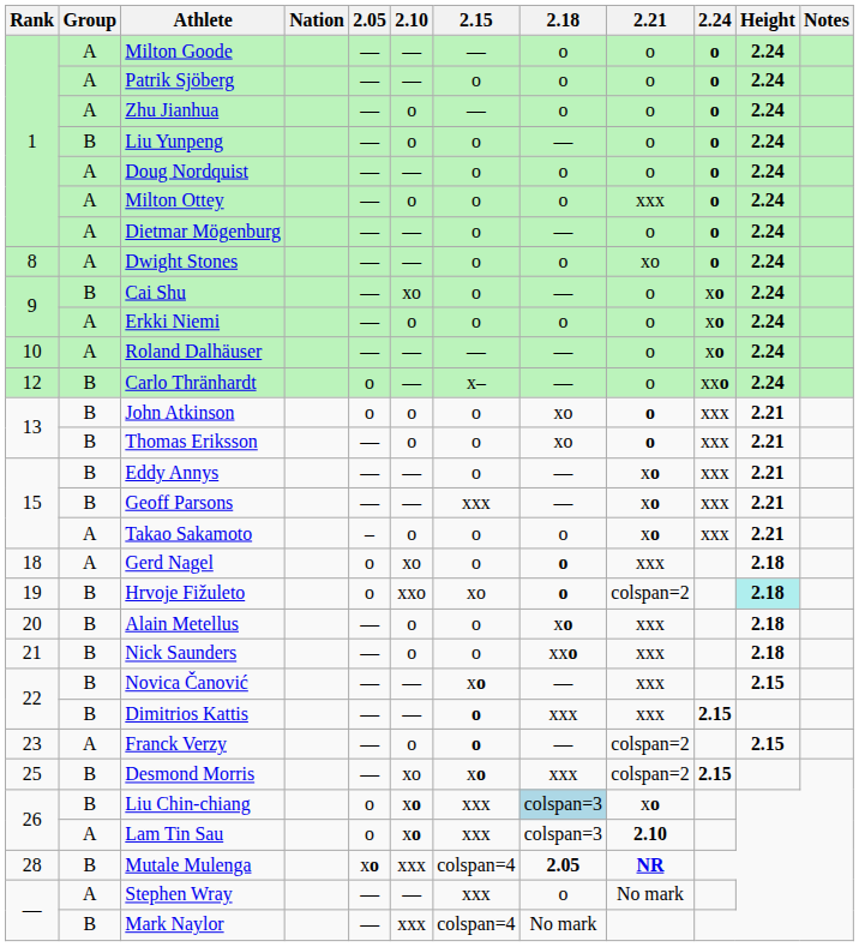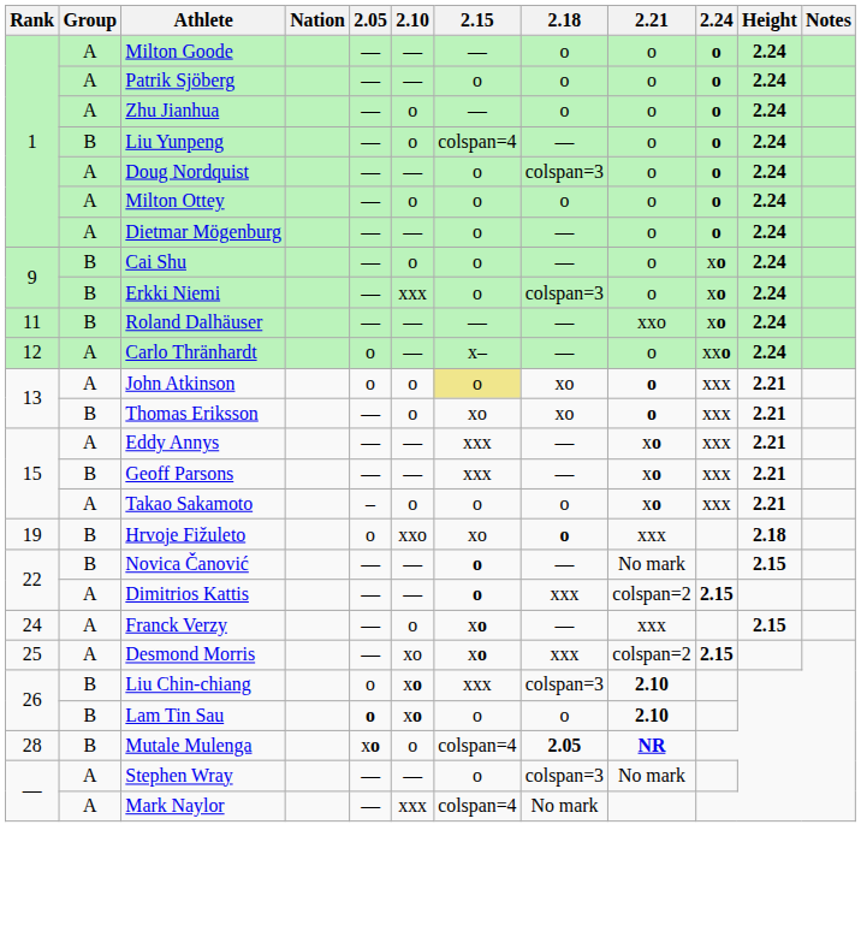 <table class="wikitable sortable" style="text-align:center">
 <tr>
 <th>Rank</th>
 <th>Group</th>
 <th>Athlete</th>
 <th>Nation</th>
 <th>2.05</th>
 <th>2.10</th>
 <th>2.15</th>
 <th>2.18</th>
 <th>2.21</th>
 <th>2.24</th>
 <th>Height</th>
 <th>Notes</th>
 </tr>
 <tr bgcolor=bbf3bb>
 <td rowspan=7>1</td>
 <td>A</td>
 <td align=left><a href='#'>Milton Goode</a></td>
 <td align=left></td>
 <td>—</td>
 <td>—</td>
 <td>—</td>
 <td>o</td>
 <td>o</td>
 <td><strong>o</strong></td>
 <td><strong>2.24</strong></td>
 <td></td>
 </tr>
 <tr bgcolor=bbf3bb>
 <td>A</td>
 <td align=left><a href='#'>Patrik Sjöberg</a></td>
 <td align=left></td>
 <td>—</td>
 <td>—</td>
 <td>o</td>
 <td>o</td>
 <td>o</td>
 <td><strong>o</strong></td>
 <td><strong>2.24</strong></td>
 <td></td>
 </tr>
 <tr bgcolor=bbf3bb>
 <td>A</td>
 <td align=left><a href='#'>Zhu Jianhua</a></td>
 <td align=left></td>
 <td>—</td>
 <td>o</td>
 <td>—</td>
 <td>o</td>
 <td>o</td>
 <td><strong>o</strong></td>
 <td><strong>2.24</strong></td>
 <td></td>
 </tr>
 <tr bgcolor=bbf3bb>
 <td>B</td>
 <td align=left><a href='#'>Liu Yunpeng</a></td>
 <td align=left></td>
 <td>—</td>
 <td>o</td>
-<td>o</td>
+<td>colspan=4 </td>
 <td>—</td>
 <td>o</td>
 <td><strong>o</strong></td>
 <td><strong>2.24</strong></td>
 <td></td>
 </tr>
 <tr bgcolor=bbf3bb>
 <td>A</td>
 <td align=left><a href='#'>Doug Nordquist</a></td>
 <td align=left></td>
 <td>—</td>
 <td>—</td>
 <td>o</td>
-<td>o</td>
+<td>colspan=3 </td>
 <td>o</td>
 <td><strong>o</strong></td>
 <td><strong>2.24</strong></td>
 <td></td>
 </tr>
 <tr bgcolor=bbf3bb>
 <td>A</td>
 <td align=left><a href='#'>Milton Ottey</a></td>
 <td align=left></td>
 <td>—</td>
 <td>o</td>
 <td>o</td>
 <td>o</td>
-<td>xxx</td>
+<td>o</td>
 <td><strong>o</strong></td>
 <td><strong>2.24</strong></td>
 <td></td>
 </tr>
 <tr bgcolor=bbf3bb>
 <td>A</td>
 <td align=left><a href='#'>Dietmar Mögenburg</a></td>
 <td align=left></td>
 <td>—</td>
 <td>—</td>
 <td>o</td>
 <td>—</td>
 <td>o</td>
 <td><strong>o</strong></td>
 <td><strong>2.24</strong></td>
 <td></td>
 </tr>
 <tr bgcolor=bbf3bb>
-<td>8</td>
-<td>A</td>
-<td align=left><a href='#'>Dwight Stones</a></td>
-<td align=left></td>
-<td>—</td>
-<td>—</td>
-<td>o</td>
-<td>o</td>
-<td>xo</td>
-<td><strong>o</strong></td>
-<td><strong>2.24</strong></td>
-<td></td>
-</tr>
-<tr bgcolor=bbf3bb>
 <td rowspan=2>9</td>
 <td>B</td>
 <td align=left><a href='#'>Cai Shu</a></td>
 <td align=left></td>
 <td>—</td>
-<td>xo</td>
+<td>o</td>
 <td>o</td>
 <td>—</td>
 <td>o</td>
 <td>x<strong>o</strong></td>
 <td><strong>2.24</strong></td>
 <td></td>
 </tr>
 <tr bgcolor=bbf3bb>
-<td>A</td>
+<td>B</td>
 <td align=left><a href='#'>Erkki Niemi</a></td>
 <td align=left></td>
 <td>—</td>
+<td>xxx</td>
 <td>o</td>
-<td>o</td>
-<td>o</td>
+<td>colspan=3 </td>
 <td>o</td>
 <td>x<strong>o</strong></td>
 <td><strong>2.24</strong></td>
 <td></td>
 </tr>
 <tr bgcolor=bbf3bb>
-<td>10</td>
-<td>A</td>
+<td>11</td>
+<td>B</td>
 <td align=left><a href='#'>Roland Dalhäuser</a></td>
 <td align=left></td>
 <td>—</td>
 <td>—</td>
 <td>—</td>
 <td>—</td>
-<td>o</td>
+<td>xxo</td>
 <td>x<strong>o</strong></td>
 <td><strong>2.24</strong></td>
 <td></td>
 </tr>
 <tr bgcolor=bbf3bb>
 <td>12</td>
-<td>B</td>
+<td>A</td>
 <td align=left><a href='#'>Carlo Thränhardt</a></td>
 <td align=left></td>
 <td>o</td>
 <td>—</td>
 <td>x–</td>
 <td>—</td>
 <td>o</td>
 <td>xx<strong>o</strong></td>
 <td><strong>2.24</strong></td>
 <td></td>
 </tr>
 <tr>
 <td rowspan=2>13</td>
-<td>B</td>
+<td>A</td>
 <td align=left><a href='#'>John Atkinson</a></td>
 <td align=left></td>
 <td>o</td>
 <td>o</td>
-<td>o</td>
+<td style="background: khaki;">o</td>
 <td>xo</td>
 <td><strong>o</strong></td>
 <td>xxx</td>
 <td><strong>2.21</strong></td>
 <td></td>
 </tr>
 <tr>
 <td>B</td>
 <td align=left><a href='#'>Thomas Eriksson</a></td>
 <td align=left></td>
 <td>—</td>
 <td>o</td>
-<td>o</td>
+<td>xo</td>
 <td>xo</td>
 <td><strong>o</strong></td>
 <td>xxx</td>
 <td><strong>2.21</strong></td>
 <td></td>
 </tr>
 <tr>
 <td rowspan=3>15</td>
-<td>B</td>
+<td>A</td>
 <td align=left><a href='#'>Eddy Annys</a></td>
 <td align=left></td>
 <td>—</td>
 <td>—</td>
-<td>o</td>
+<td>xxx</td>
 <td>—</td>
 <td>x<strong>o</strong></td>
 <td>xxx</td>
 <td><strong>2.21</strong></td>
 <td></td>
 </tr>
 <tr>
 <td>B</td>
 <td align=left><a href='#'>Geoff Parsons</a></td>
 <td align=left></td>
 <td>—</td>
 <td>—</td>
 <td>xxx</td>
 <td>—</td>
 <td>x<strong>o</strong></td>
 <td>xxx</td>
 <td><strong>2.21</strong></td>
 <td></td>
 </tr>
 <tr>
 <td>A</td>
 <td align=left><a href='#'>Takao Sakamoto</a></td>
 <td align=left></td>
 <td>–</td>
 <td>o</td>
 <td>o</td>
 <td>o</td>
 <td>x<strong>o</strong></td>
 <td>xxx</td>
 <td><strong>2.21</strong></td>
 <td></td>
 </tr>
 <tr>
-<td>18</td>
-<td>A</td>
-<td align=left><a href='#'>Gerd Nagel</a></td>
-<td align=left></td>
-<td>o</td>
-<td>xo</td>
-<td>o</td>
-<td><strong>o</strong></td>
-<td>xxx</td>
-<td></td>
-<td><strong>2.18</strong></td>
-<td></td>
-</tr>
-<tr>
 <td>19</td>
 <td>B</td>
 <td align=left><a href='#'>Hrvoje Fižuleto</a></td>
 <td align=left></td>
 <td>o</td>
 <td>xxo</td>
 <td>xo</td>
 <td><strong>o</strong></td>
-<td>colspan=2 </td>
-<td></td>
-<td style="background: paleturquoise;"><strong>2.18</strong></td>
-<td></td>
-</tr>
-<tr>
-<td>20</td>
-<td>B</td>
-<td align=left><a href='#'>Alain Metellus</a></td>
-<td align=left></td>
-<td>—</td>
-<td>o</td>
-<td>o</td>
-<td>x<strong>o</strong></td>
-<td>xxx</td>
-<td></td>
-<td><strong>2.18</strong></td>
-<td></td>
-</tr>
-<tr>
-<td>21</td>
-<td>B</td>
-<td align=left><a href='#'>Nick Saunders</a></td>
-<td align=left></td>
-<td>—</td>
-<td>o</td>
-<td>o</td>
-<td>xx<strong>o</strong></td>
 <td>xxx</td>
 <td></td>
 <td><strong>2.18</strong></td>
 <td></td>
 </tr>
 <tr>
 <td rowspan=2>22</td>
 <td>B</td>
 <td align=left><a href='#'>Novica Čanović</a></td>
 <td align=left></td>
 <td>—</td>
 <td>—</td>
+<td><strong>o</strong></td>
+<td>—</td>
+<td data-sort-value=1.00>No mark</td>
+<td></td>
+<td><strong>2.15</strong></td>
+<td></td>
+</tr>
+<tr>
+<td>A</td>
+<td align=left><a href='#'>Dimitrios Kattis</a></td>
+<td align=left></td>
+<td>—</td>
+<td>—</td>
+<td><strong>o</strong></td>
+<td>xxx</td>
+<td>colspan=2 </td>
+<td><strong>2.15</strong></td>
+<td></td>
+</tr>
+<tr>
+<td>24</td>
+<td>A</td>
+<td align=left><a href='#'>Franck Verzy</a></td>
+<td align=left></td>
+<td>—</td>
+<td>o</td>
 <td>x<strong>o</strong></td>
 <td>—</td>
 <td>xxx</td>
 <td></td>
 <td><strong>2.15</strong></td>
 <td></td>
 </tr>
 <tr>
-<td>B</td>
-<td align=left><a href='#'>Dimitrios Kattis</a></td>
-<td align=left></td>
-<td>—</td>
-<td>—</td>
-<td><strong>o</strong></td>
-<td>xxx</td>
-<td>xxx</td>
-<td><strong>2.15</strong></td>
-<td></td>
-</tr>
-<tr>
-<td>23</td>
+<td>25</td>
 <td>A</td>
-<td align=left><a href='#'>Franck Verzy</a></td>
-<td align=left></td>
-<td>—</td>
-<td>o</td>
-<td><strong>o</strong></td>
-<td>—</td>
-<td>colspan=2 </td>
-<td></td>
-<td><strong>2.15</strong></td>
-<td></td>
-</tr>
-<tr>
-<td>25</td>
-<td>B</td>
 <td align=left><a href='#'>Desmond Morris</a></td>
 <td align=left></td>
 <td>—</td>
 <td>xo</td>
 <td>x<strong>o</strong></td>
 <td>xxx</td>
 <td>colspan=2 </td>
 <td><strong>2.15</strong></td>
 <td></td>
 </tr>
 <tr>
 <td rowspan=2>26</td>
 <td>B</td>
 <td align=left><a href='#'>Liu Chin-chiang</a></td>
 <td align=left></td>
 <td>o</td>
 <td>x<strong>o</strong></td>
 <td>xxx</td>
-<td style="background: lightblue;">colspan=3 </td>
-<td>x<strong>o</strong></td>
+<td>colspan=3 </td>
+<td><strong>2.10</strong></td>
 <td></td>
 </tr>
 <tr>
-<td>A</td>
+<td>B</td>
 <td align=left><a href='#'>Lam Tin Sau</a></td>
 <td align=left></td>
+<td><strong>o</strong></td>
+<td>x<strong>o</strong></td>
 <td>o</td>
-<td>x<strong>o</strong></td>
-<td>xxx</td>
-<td>colspan=3 </td>
+<td>o</td>
 <td><strong>2.10</strong></td>
 <td></td>
 </tr>
 <tr>
 <td>28</td>
 <td>B</td>
 <td align=left><a href='#'>Mutale Mulenga</a></td>
 <td align=left></td>
 <td>x<strong>o</strong></td>
-<td>xxx</td>
+<td>o</td>
 <td>colspan=4 </td>
 <td><strong>2.05</strong></td>
 <td><a href='#'><strong>NR</strong></a></td>
 </tr>
 <tr>
 <td rowspan=2 data-sort-value=29>—</td>
 <td>A</td>
 <td align=left><a href='#'>Stephen Wray</a></td>
 <td align=left></td>
 <td>—</td>
 <td>—</td>
-<td>xxx</td>
 <td>o</td>
+<td>colspan=3 </td>
 <td data-sort-value=1.00>No mark</td>
 <td></td>
 </tr>
 <tr>
-<td>B</td>
+<td>A</td>
 <td align=left><a href='#'>Mark Naylor</a></td>
 <td align=left></td>
 <td>—</td>
 <td>xxx</td>
 <td>colspan=4 </td>
 <td data-sort-value=1.00>No mark</td>
 <td></td>
 </tr>
 </table>
